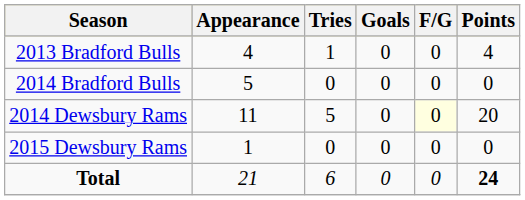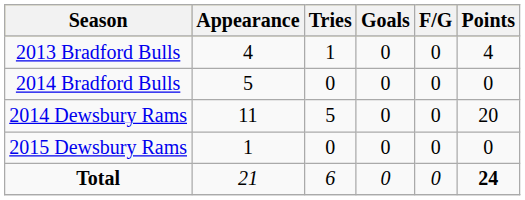 <table class="wikitable" style="text-align:center;">
 <tr bgcolor=#bdb76b>
 <th>Season</th>
 <th>Appearance</th>
 <th>Tries</th>
 <th>Goals</th>
 <th>F/G</th>
 <th>Points</th>
 </tr>
 <tr>
 <td><a href='#'>2013 Bradford Bulls</a></td>
 <td>4</td>
 <td>1</td>
 <td>0</td>
 <td>0</td>
 <td>4</td>
 </tr>
 <tr>
 <td><a href='#'>2014 Bradford Bulls</a></td>
 <td>5</td>
 <td>0</td>
 <td>0</td>
 <td>0</td>
 <td>0</td>
 </tr>
 <tr>
 <td><a href='#'>2014 Dewsbury Rams</a></td>
 <td>11</td>
 <td>5</td>
 <td>0</td>
-<td style="background: lightyellow;">0</td>
+<td>0</td>
 <td>20</td>
 </tr>
 <tr>
 <td><a href='#'>2015 Dewsbury Rams</a></td>
 <td>1</td>
 <td>0</td>
 <td>0</td>
 <td>0</td>
 <td>0</td>
 </tr>
 <tr>
 <td><strong>Total</strong></td>
 <td><em>21</em></td>
 <td><em>6</em></td>
 <td><em>0</em></td>
 <td><em>0</em></td>
 <td><strong>24</strong></td>
 </tr>
 <tr>
 </tr>
 </table>
